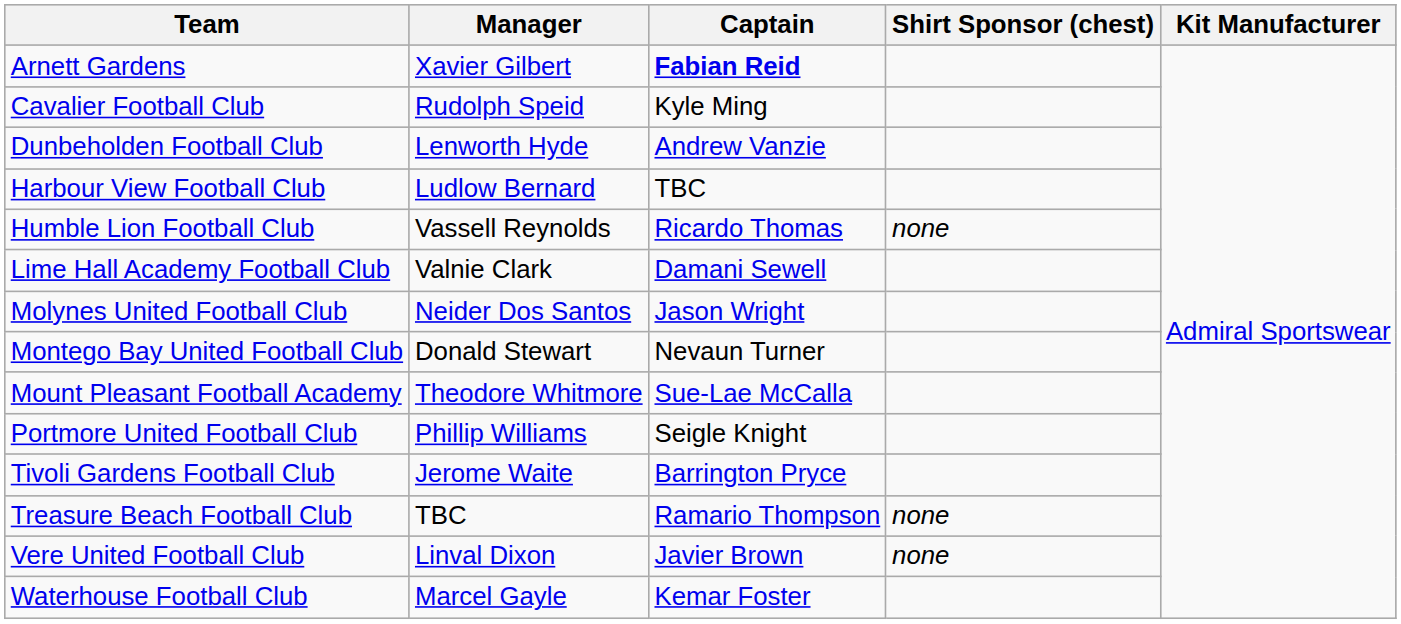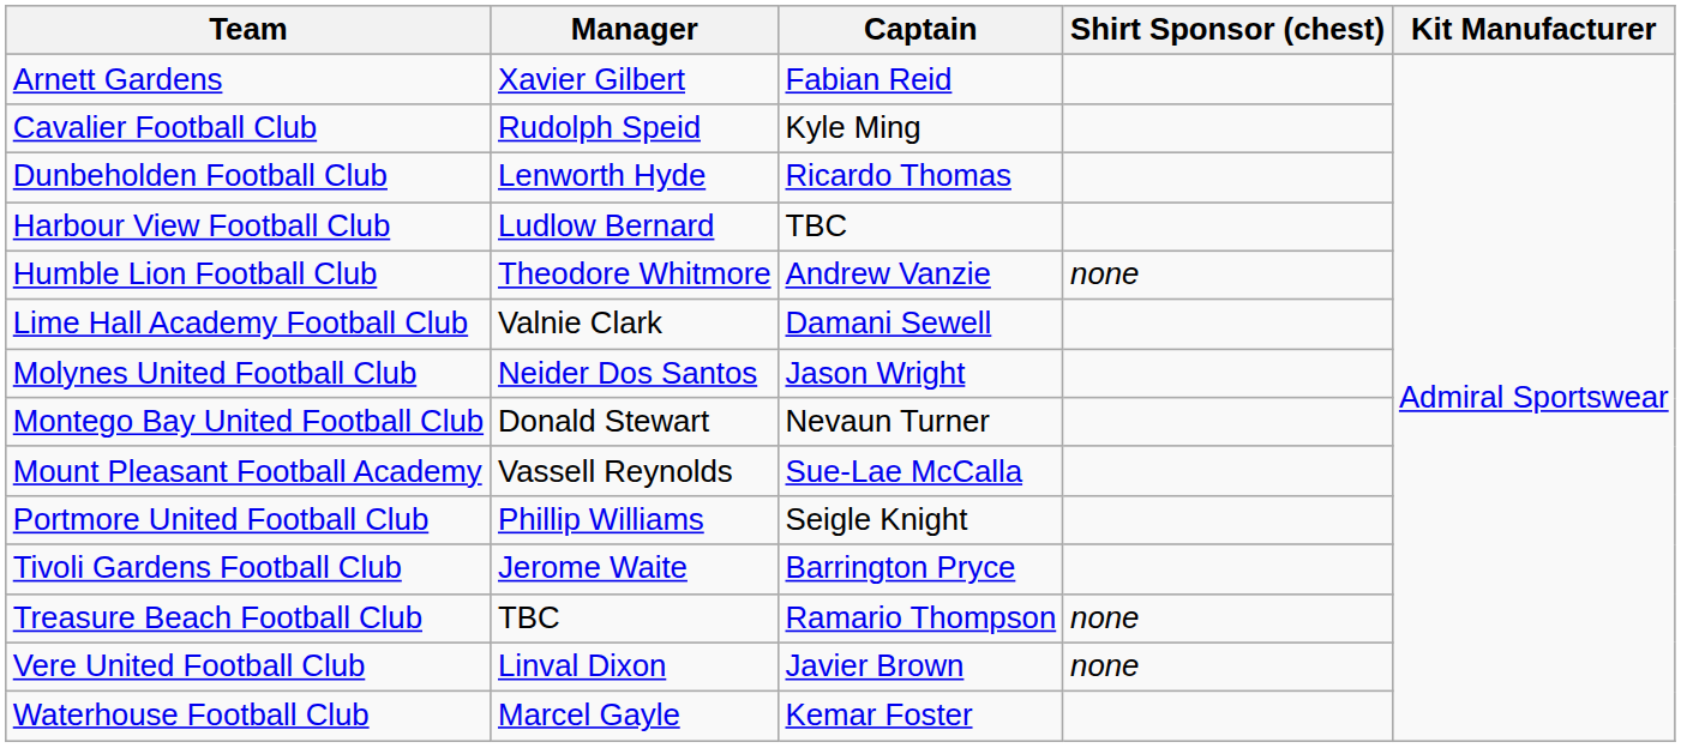 <table class="wikitable sortable">
 <tr>
 <th>Team</th>
 <th>Manager</th>
 <th>Captain</th>
 <th>Shirt Sponsor (chest)</th>
 <th>Kit Manufacturer</th>
 </tr>
 <tr>
 <td><a href='#'>Arnett Gardens</a></td>
 <td><a href='#'>Xavier Gilbert</a></td>
-<td><strong><a href='#'>Fabian Reid</a></strong></td>
+<td><a href='#'>Fabian Reid</a></td>
 <td><em></em></td>
 <td rowspan="14" style="text-align:center;"><a href='#'>Admiral Sportswear</a></td>
 </tr>
 <tr>
 <td><a href='#'>Cavalier Football Club</a></td>
 <td><a href='#'>Rudolph Speid</a></td>
 <td>Kyle Ming</td>
 <td></td>
 </tr>
 <tr>
 <td><a href='#'>Dunbeholden Football Club</a></td>
 <td><a href='#'>Lenworth Hyde</a></td>
-<td><a href='#'>Andrew Vanzie</a></td>
+<td><a href='#'>Ricardo Thomas</a></td>
 <td></td>
 </tr>
 <tr>
 <td><a href='#'>Harbour View Football Club</a></td>
 <td><a href='#'>Ludlow Bernard</a></td>
 <td>TBC</td>
 <td></td>
 </tr>
 <tr>
 <td><a href='#'>Humble Lion Football Club</a></td>
-<td>Vassell Reynolds</td>
-<td><a href='#'>Ricardo Thomas</a></td>
+<td><a href='#'>Theodore Whitmore</a></td>
+<td><a href='#'>Andrew Vanzie</a></td>
 <td><em>none</em></td>
 </tr>
 <tr>
 <td><a href='#'>Lime Hall Academy Football Club</a></td>
 <td>Valnie Clark</td>
 <td><a href='#'>Damani Sewell</a></td>
 <td></td>
 </tr>
 <tr>
 <td><a href='#'>Molynes United Football Club</a></td>
 <td><a href='#'>Neider Dos Santos</a></td>
 <td><a href='#'>Jason Wright</a></td>
 <td></td>
 </tr>
 <tr>
 <td><a href='#'>Montego Bay United Football Club</a></td>
 <td>Donald Stewart</td>
 <td>Nevaun Turner</td>
 <td></td>
 </tr>
 <tr>
 <td><a href='#'>Mount Pleasant Football Academy</a></td>
-<td><a href='#'>Theodore Whitmore</a></td>
+<td>Vassell Reynolds</td>
 <td><a href='#'>Sue-Lae McCalla</a></td>
 <td></td>
 </tr>
 <tr>
 <td><a href='#'>Portmore United Football Club</a></td>
 <td><a href='#'>Phillip Williams</a></td>
 <td>Seigle Knight</td>
 <td></td>
 </tr>
 <tr>
 <td><a href='#'>Tivoli Gardens Football Club</a></td>
 <td><a href='#'>Jerome Waite</a></td>
 <td><a href='#'>Barrington Pryce</a></td>
 <td></td>
 </tr>
 <tr>
 <td><a href='#'>Treasure Beach Football Club</a></td>
 <td>TBC</td>
 <td><a href='#'>Ramario Thompson</a></td>
 <td><em>none</em></td>
 </tr>
 <tr>
 <td><a href='#'>Vere United Football Club</a></td>
 <td><a href='#'>Linval Dixon</a></td>
 <td><a href='#'>Javier Brown</a></td>
 <td><em>none</em></td>
 </tr>
 <tr>
 <td><a href='#'>Waterhouse Football Club</a></td>
 <td><a href='#'>Marcel Gayle</a></td>
 <td><a href='#'>Kemar Foster</a></td>
 <td></td>
 </tr>
 </table>
